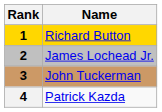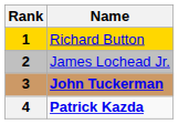 <table class="wikitable">
 <tr>
 <th>Rank</th>
 <th>Name</th>
 </tr>
 <tr bgcolor="gold">
 <td align="center"><strong>1</strong></td>
 <td><a href='#'>Richard Button</a></td>
 </tr>
 <tr bgcolor="silver">
 <td align="center"><strong>2</strong></td>
 <td><a href='#'>James Lochead Jr.</a></td>
 </tr>
 <tr bgcolor="cc9966">
 <td align="center"><strong>3</strong></td>
-<td><a href='#'>John Tuckerman</a></td>
+<td><strong><a href='#'>John Tuckerman</a></strong></td>
 </tr>
 <tr>
 <th>4</th>
-<td><a href='#'>Patrick Kazda</a></td>
+<td><strong><a href='#'>Patrick Kazda</a></strong></td>
 </tr>
 </table>
